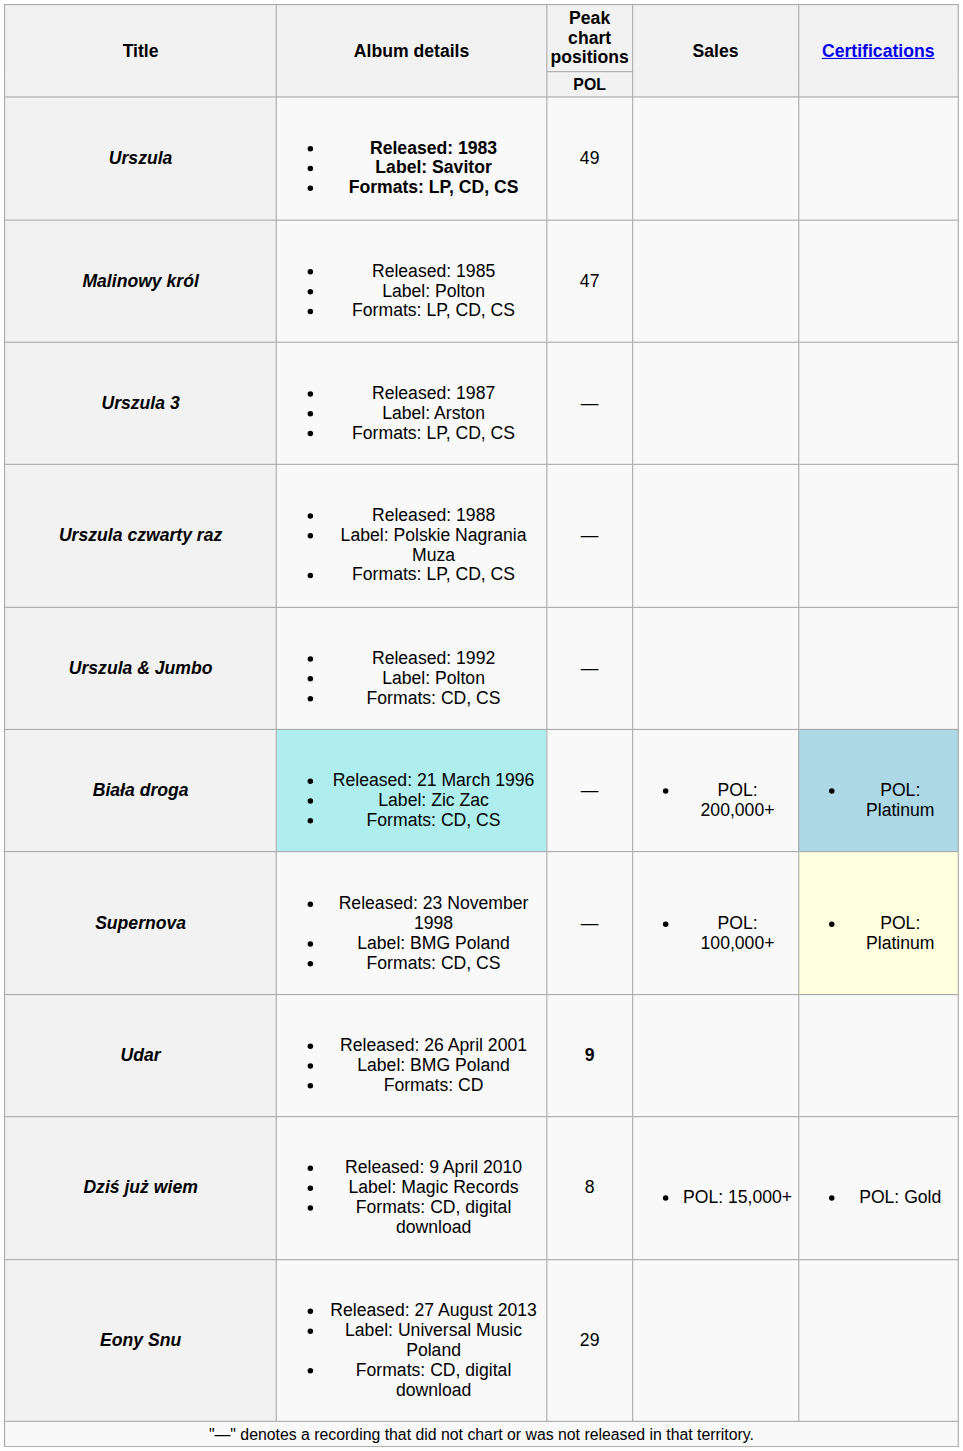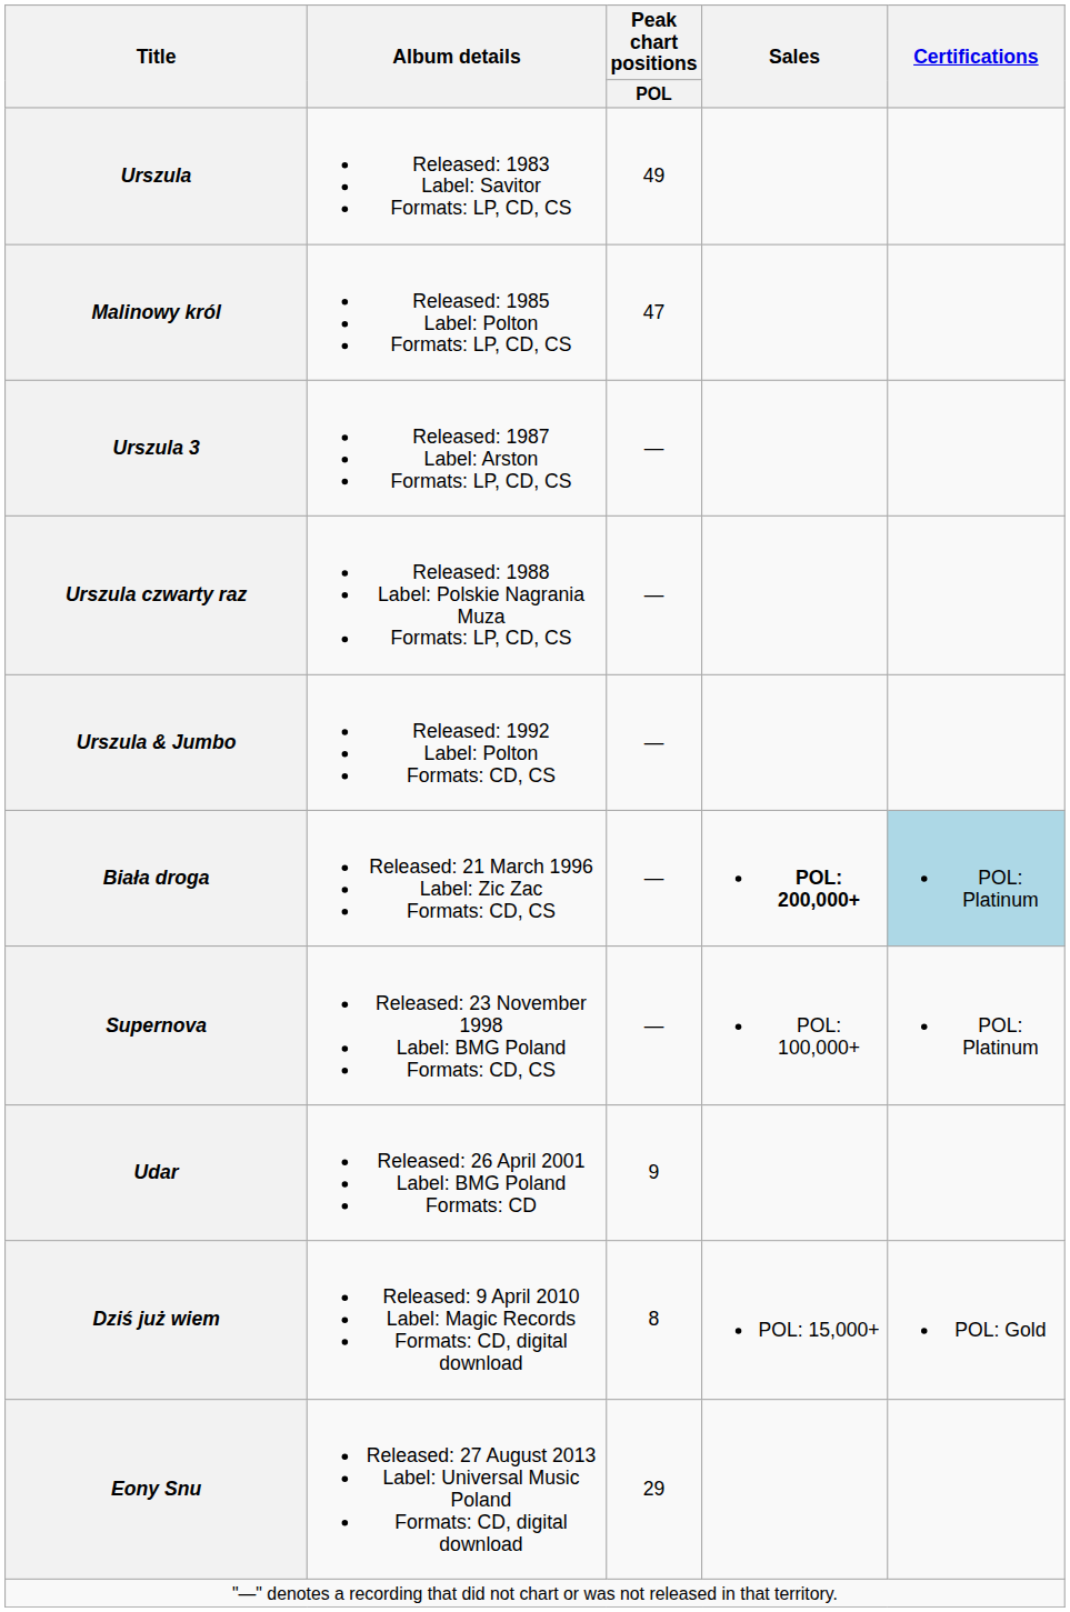 <table class="wikitable plainrowheaders" style="text-align:center;">
 <tr>
 <th scope="col" rowspan="2" style="width:15em;">Title</th>
 <th scope="col" rowspan="2">Album details</th>
 <th scope="col">Peak chart positions</th>
 <th scope="col" rowspan="2">Sales</th>
 <th scope="col" rowspan="2"><a href='#'>Certifications</a></th>
 </tr>
 <tr>
 <th scope="col" style="width:3em;font-size:90%;">POL<br></th>
 </tr>
 <tr>
 <th scope="row"><em>Urszula</em></th>
-<td><strong><br><ul><li>Released: 1983</li><li>Label: Savitor</li><li>Formats: LP, CD, CS</li></ul></strong></td>
+<td><br><ul><li>Released: 1983</li><li>Label: Savitor</li><li>Formats: LP, CD, CS</li></ul></td>
 <td>49</td>
 <td></td>
 <td></td>
 </tr>
 <tr>
 <th scope="row"><em>Malinowy król</em></th>
 <td><br><ul><li>Released: 1985</li><li>Label: Polton</li><li>Formats: LP, CD, CS</li></ul></td>
 <td>47</td>
 <td></td>
 <td></td>
 </tr>
 <tr>
 <th scope="row"><em>Urszula 3</em></th>
 <td><br><ul><li>Released: 1987</li><li>Label: Arston</li><li>Formats: LP, CD, CS</li></ul></td>
 <td>—</td>
 <td></td>
 <td></td>
 </tr>
 <tr>
 <th scope="row"><em>Urszula czwarty raz</em></th>
 <td><br><ul><li>Released: 1988</li><li>Label: Polskie Nagrania Muza</li><li>Formats: LP, CD, CS</li></ul></td>
 <td>—</td>
 <td></td>
 <td></td>
 </tr>
 <tr>
 <th scope="row"><em>Urszula & Jumbo</em></th>
 <td><br><ul><li>Released: 1992</li><li>Label: Polton</li><li>Formats: CD, CS</li></ul></td>
 <td>—</td>
 <td></td>
 <td></td>
 </tr>
 <tr>
 <th scope="row"><em>Biała droga</em></th>
-<td style="background: paleturquoise;"><br><ul><li>Released: 21 March 1996</li><li>Label: Zic Zac</li><li>Formats: CD, CS</li></ul></td>
+<td><br><ul><li>Released: 21 March 1996</li><li>Label: Zic Zac</li><li>Formats: CD, CS</li></ul></td>
 <td>—</td>
-<td><br><ul><li>POL: 200,000+</li></ul></td>
+<td><strong><br><ul><li>POL: 200,000+</li></ul></strong></td>
 <td style="background: lightblue;"><br><ul><li>POL: Platinum</li></ul></td>
 </tr>
 <tr>
 <th scope="row"><em>Supernova</em></th>
 <td><br><ul><li>Released: 23 November 1998</li><li>Label: BMG Poland</li><li>Formats: CD, CS</li></ul></td>
 <td>—</td>
 <td><br><ul><li>POL: 100,000+</li></ul></td>
-<td style="background: lightyellow;"><br><ul><li>POL: Platinum</li></ul></td>
+<td><br><ul><li>POL: Platinum</li></ul></td>
 </tr>
 <tr>
 <th scope="row"><em>Udar</em></th>
 <td><br><ul><li>Released: 26 April 2001</li><li>Label: BMG Poland</li><li>Formats: CD</li></ul></td>
-<td><strong>9</strong></td>
+<td>9</td>
 <td></td>
 <td></td>
 </tr>
 <tr>
 <th scope="row"><em>Dziś już wiem</em></th>
 <td><br><ul><li>Released: 9 April 2010</li><li>Label: Magic Records</li><li>Formats: CD, digital download</li></ul></td>
 <td>8</td>
 <td><br><ul><li>POL: 15,000+</li></ul></td>
 <td><br><ul><li>POL: Gold</li></ul></td>
 </tr>
 <tr>
 <th scope="row"><em>Eony Snu</em></th>
 <td><br><ul><li>Released: 27 August 2013</li><li>Label: Universal Music Poland</li><li>Formats: CD, digital download</li></ul></td>
 <td>29</td>
 <td></td>
 <td></td>
 </tr>
 <tr>
 <td colspan="20" style="font-size:90%">"—" denotes a recording that did not chart or was not released in that territory.</td>
 </tr>
 </table>
